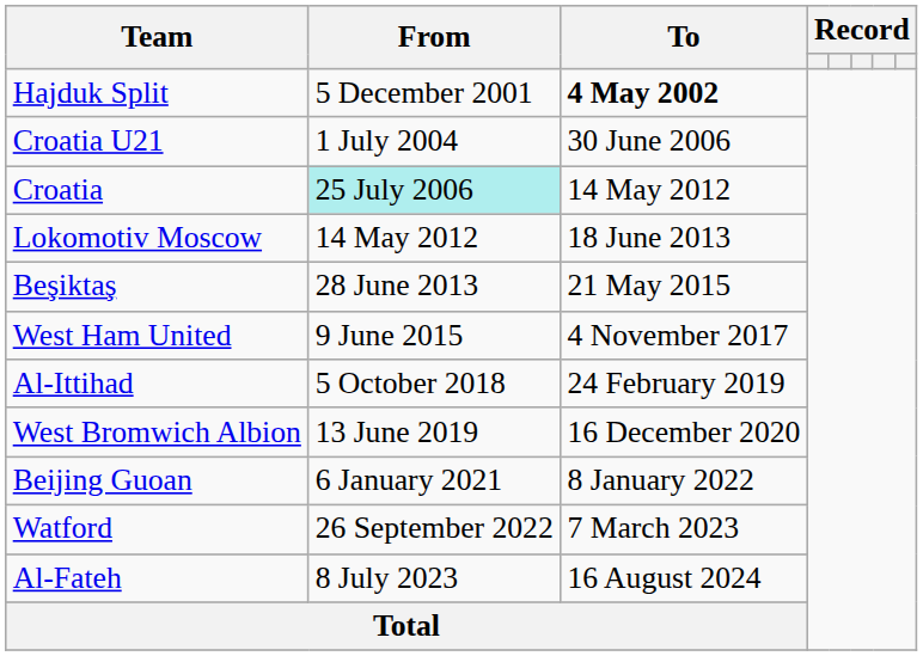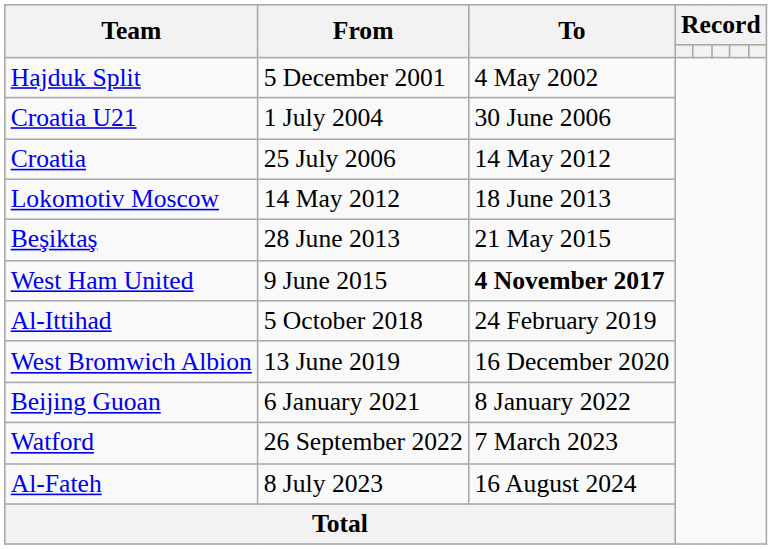 <table class=wikitable style="text-align: center">
 <tr>
 <th rowspan=2>Team</th>
 <th rowspan=2>From</th>
 <th rowspan=2>To</th>
 <th colspan=5>Record</th>
 </tr>
 <tr>
 <th></th>
 <th></th>
 <th></th>
 <th></th>
 <th></th>
 </tr>
 <tr>
 <td align=left><a href='#'>Hajduk Split</a></td>
 <td align=left>5 December 2001</td>
-<td align=left><strong>4 May 2002<br></strong></td>
+<td align=left>4 May 2002<br></td>
 </tr>
 <tr>
 <td align=left><a href='#'>Croatia U21</a></td>
 <td align=left>1 July 2004</td>
 <td align=left>30 June 2006<br></td>
 </tr>
 <tr>
 <td align=left><a href='#'>Croatia</a></td>
-<td align=left style="background: paleturquoise;">25 July 2006</td>
+<td align=left>25 July 2006</td>
 <td align=left>14 May 2012<br></td>
 </tr>
 <tr>
 <td align=left><a href='#'>Lokomotiv Moscow</a></td>
 <td align=left>14 May 2012</td>
 <td align=left>18 June 2013<br></td>
 </tr>
 <tr>
 <td align=left><a href='#'>Beşiktaş</a></td>
 <td align=left>28 June 2013</td>
 <td align=left>21 May 2015<br></td>
 </tr>
 <tr>
 <td align=left><a href='#'>West Ham United</a></td>
 <td align=left>9 June 2015</td>
-<td align=left>4 November 2017<br></td>
+<td align=left><strong>4 November 2017<br></strong></td>
 </tr>
 <tr>
 <td align=left><a href='#'>Al-Ittihad</a></td>
 <td align=left>5 October 2018</td>
 <td align=left>24 February 2019<br></td>
 </tr>
 <tr>
 <td align=left><a href='#'>West Bromwich Albion</a></td>
 <td align=left>13 June 2019</td>
 <td align=left>16 December 2020<br></td>
 </tr>
 <tr>
 <td align=left><a href='#'>Beijing Guoan</a></td>
 <td align=left>6 January 2021</td>
 <td align=left>8 January 2022<br></td>
 </tr>
 <tr>
 <td align=left><a href='#'>Watford</a></td>
 <td align=left>26 September 2022</td>
 <td align=left>7 March 2023<br></td>
 </tr>
 <tr>
 <td align=left><a href='#'>Al-Fateh</a></td>
 <td align=left>8 July 2023</td>
 <td align=left>16 August 2024<br></td>
 </tr>
 <tr>
 <th colspan=3>Total<br></th>
 </tr>
 </table>
